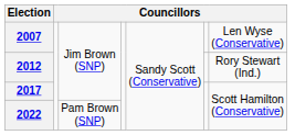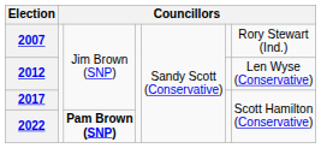 <table class="wikitable" style="text-align:center">
 <tr>
 <th>Election</th>
 <th colspan=8>Councillors</th>
 </tr>
 <tr>
 <th><a href='#'>2007</a></th>
 <td rowspan=4; style="background-color: "></td>
 <td rowspan=3>Jim Brown<br>(<a href='#'>SNP</a>)</td>
 <td rowspan=4; style="background-color: "></td>
 <td rowspan=4>Sandy Scott<br>(<a href='#'>Conservative</a>)</td>
 <td rowspan=1; style="background-color: "></td>
-<td rowspan=1>Len Wyse<br>(<a href='#'>Conservative</a>)</td>
+<td rowspan=1>Rory Stewart<br>(Ind.)</td>
 </tr>
 <tr>
 <th><a href='#'>2012</a></th>
 <td rowspan=1; style="background-color: "></td>
-<td rowspan=1>Rory Stewart<br>(Ind.)</td>
+<td rowspan=1>Len Wyse<br>(<a href='#'>Conservative</a>)</td>
 </tr>
 <tr>
 <th><a href='#'>2017</a></th>
 <td rowspan=2; style="background-color: "></td>
 <td rowspan=2>Scott Hamilton<br>(<a href='#'>Conservative</a>)</td>
 </tr>
 <tr>
 <th><a href='#'>2022</a></th>
-<td rowspan=1>Pam Brown<br>(<a href='#'>SNP</a>)</td>
+<td rowspan=1><strong>Pam Brown<br>(<a href='#'>SNP</a>)</strong></td>
 </tr>
 </table>
